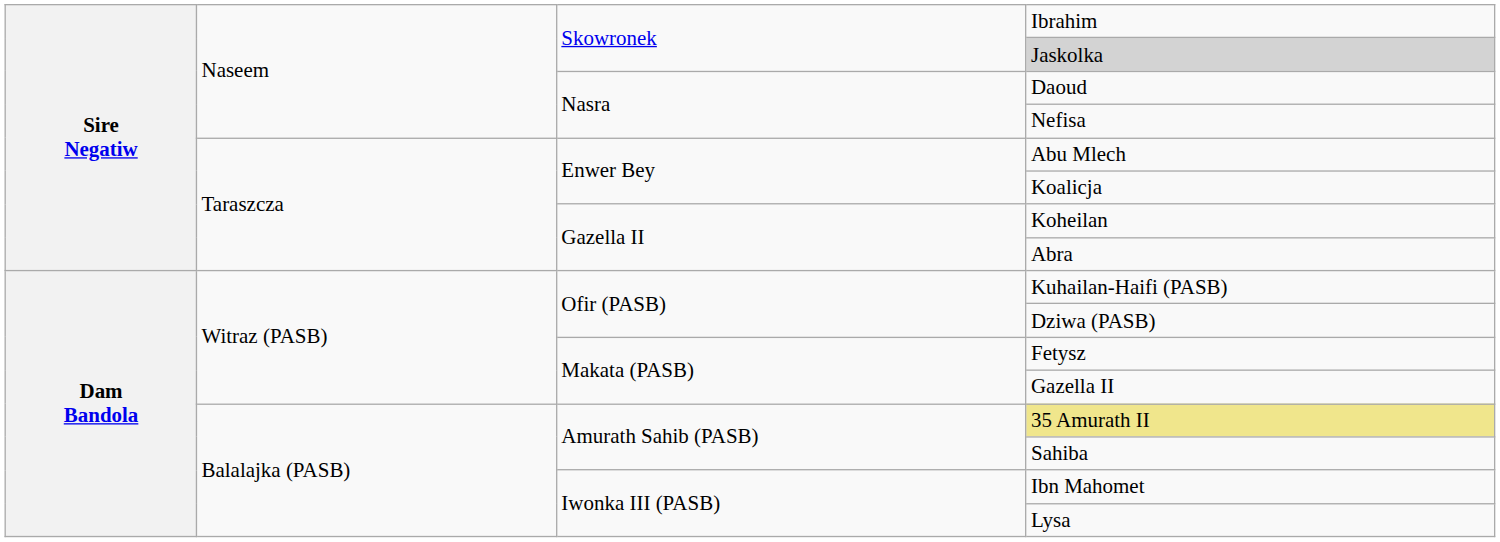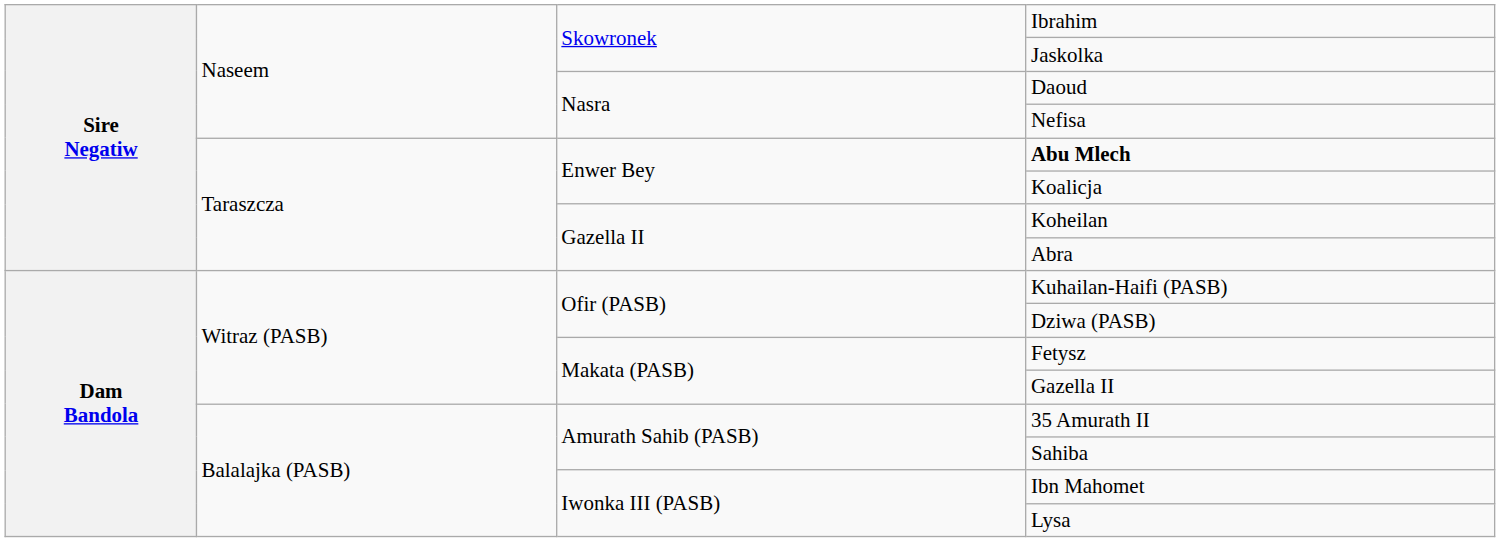 <table class="wikitable" style="clear:both; margin:0em auto; width:90%;">
 <tr>
 <th rowspan="8">Sire<br><a href='#'>Negatiw</a></th>
 <td rowspan="4">Naseem</td>
 <td rowspan="2"><a href='#'>Skowronek</a></td>
 <td>Ibrahim</td>
 </tr>
 <tr>
-<td style="background: lightgrey;">Jaskolka</td>
+<td>Jaskolka</td>
 </tr>
 <tr>
 <td rowspan="2">Nasra</td>
 <td>Daoud</td>
 </tr>
 <tr>
 <td>Nefisa</td>
 </tr>
 <tr>
 <td rowspan="4">Taraszcza</td>
 <td rowspan="2">Enwer Bey</td>
-<td>Abu Mlech</td>
+<td><strong>Abu Mlech</strong></td>
 </tr>
 <tr>
 <td>Koalicja</td>
 </tr>
 <tr>
 <td rowspan="2">Gazella II</td>
 <td>Koheilan</td>
 </tr>
 <tr>
 <td>Abra</td>
 </tr>
 <tr>
 <th rowspan="8">Dam<br><a href='#'>Bandola</a></th>
 <td rowspan="4">Witraz (PASB)</td>
 <td rowspan="2">Ofir (PASB)</td>
 <td>Kuhailan-Haifi (PASB)</td>
 </tr>
 <tr>
 <td>Dziwa (PASB)</td>
 </tr>
 <tr>
 <td rowspan="2">Makata (PASB)</td>
 <td>Fetysz</td>
 </tr>
 <tr>
 <td>Gazella II</td>
 </tr>
 <tr>
 <td rowspan="4">Balalajka (PASB)</td>
 <td rowspan="2">Amurath Sahib (PASB)</td>
-<td style="background: khaki;">35 Amurath II</td>
+<td>35 Amurath II</td>
 </tr>
 <tr>
 <td>Sahiba</td>
 </tr>
 <tr>
 <td rowspan="2">Iwonka III (PASB)</td>
 <td>Ibn Mahomet</td>
 </tr>
 <tr>
 <td>Lysa</td>
 </tr>
 </table>
